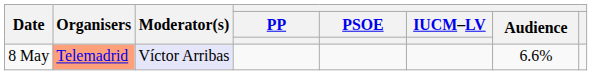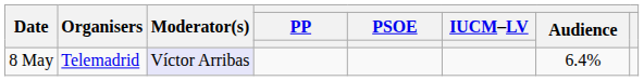 <table class="wikitable" style="text-align:center;">
 <tr>
 <th rowspan="3">Date</th>
 <th rowspan="3">Organisers</th>
 <th rowspan="3">Moderator(s)</th>
 <th colspan="5">  </th>
 </tr>
 <tr>
 <th scope="col" style="width:5em;"><a href='#'>PP</a></th>
 <th scope="col" style="width:5em;"><a href='#'>PSOE</a></th>
 <th scope="col" style="width:5em;"><a href='#'>IUCM</a>–<a href='#'>LV</a></th>
 <th rowspan="2" scope="col" style="width:5em;">Audience</th>
 <th rowspan="2"></th>
 </tr>
 <tr>
 <th style="color:inherit;background:"></th>
 <th style="color:inherit;background:"></th>
 <th style="color:inherit;background:"></th>
 </tr>
 <tr>
 <td style="white-space:nowrap; text-align:left;">8 May</td>
-<td style="background: lightsalmon; white-space:nowrap; text-align:left;"><a href='#'>Telemadrid</a></td>
+<td style="white-space:nowrap; text-align:left;"><a href='#'>Telemadrid</a></td>
 <td style="background: lavender; white-space:nowrap; text-align:left;">Víctor Arribas</td>
 <td></td>
 <td></td>
 <td></td>
-<td>6.6%<br></td>
+<td>6.4%<br></td>
 <td><br></td>
 </tr>
 </table>
